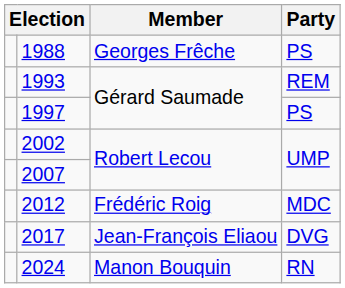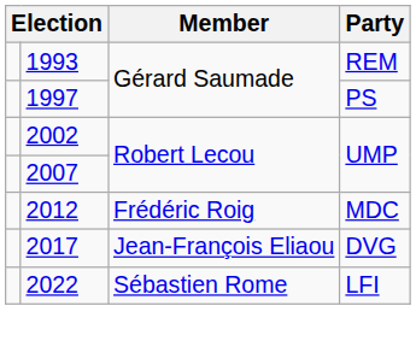 <table class="wikitable">
 <tr>
 <th colspan="2">Election</th>
 <th>Member</th>
 <th>Party</th>
-</tr>
-<tr>
-<td style="color:inherit;background-color: "></td>
-<td><a href='#'>1988</a></td>
-<td><a href='#'>Georges Frêche</a></td>
-<td><a href='#'>PS</a></td>
 </tr>
 <tr>
 <td style="color:inherit;background-color: "></td>
 <td><a href='#'>1993</a></td>
 <td rowspan="2">Gérard Saumade</td>
 <td><a href='#'>REM</a></td>
 </tr>
 <tr>
 <td style="color:inherit;background-color: "></td>
 <td><a href='#'>1997</a></td>
 <td><a href='#'>PS</a></td>
 </tr>
 <tr>
 <td style="color:inherit;background-color: "></td>
 <td><a href='#'>2002</a></td>
 <td rowspan="2"><a href='#'>Robert Lecou</a></td>
 <td rowspan="2"><a href='#'>UMP</a></td>
 </tr>
 <tr>
 <td style="color:inherit;background-color: "></td>
 <td><a href='#'>2007</a></td>
 </tr>
 <tr>
 <td style="color:inherit;background-color: "></td>
 <td><a href='#'>2012</a></td>
 <td><a href='#'>Frédéric Roig</a></td>
 <td><a href='#'>MDC</a></td>
 </tr>
 <tr>
 <td style="color:inherit;background-color: "></td>
 <td><a href='#'>2017</a></td>
 <td><a href='#'>Jean-François Eliaou</a></td>
 <td><a href='#'>DVG</a></td>
 </tr>
 <tr>
 <td style="color:inherit;background:"></td>
-<td><a href='#'>2024</a></td>
-<td><a href='#'>Manon Bouquin</a></td>
-<td><a href='#'>RN</a></td>
+<td><a href='#'>2022</a></td>
+<td><a href='#'>Sébastien Rome</a></td>
+<td><a href='#'>LFI</a></td>
 </tr>
 </table>
